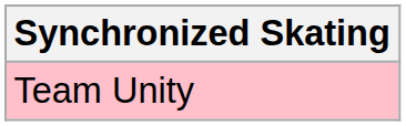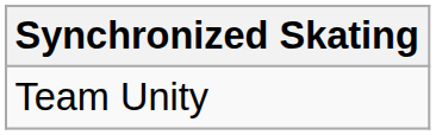 <table class="wikitable">
 <tr>
 <th>Synchronized Skating</th>
 </tr>
 <tr>
-<td style="background: pink;">  Team Unity</td>
+<td>  Team Unity</td>
 </tr>
 </table>
